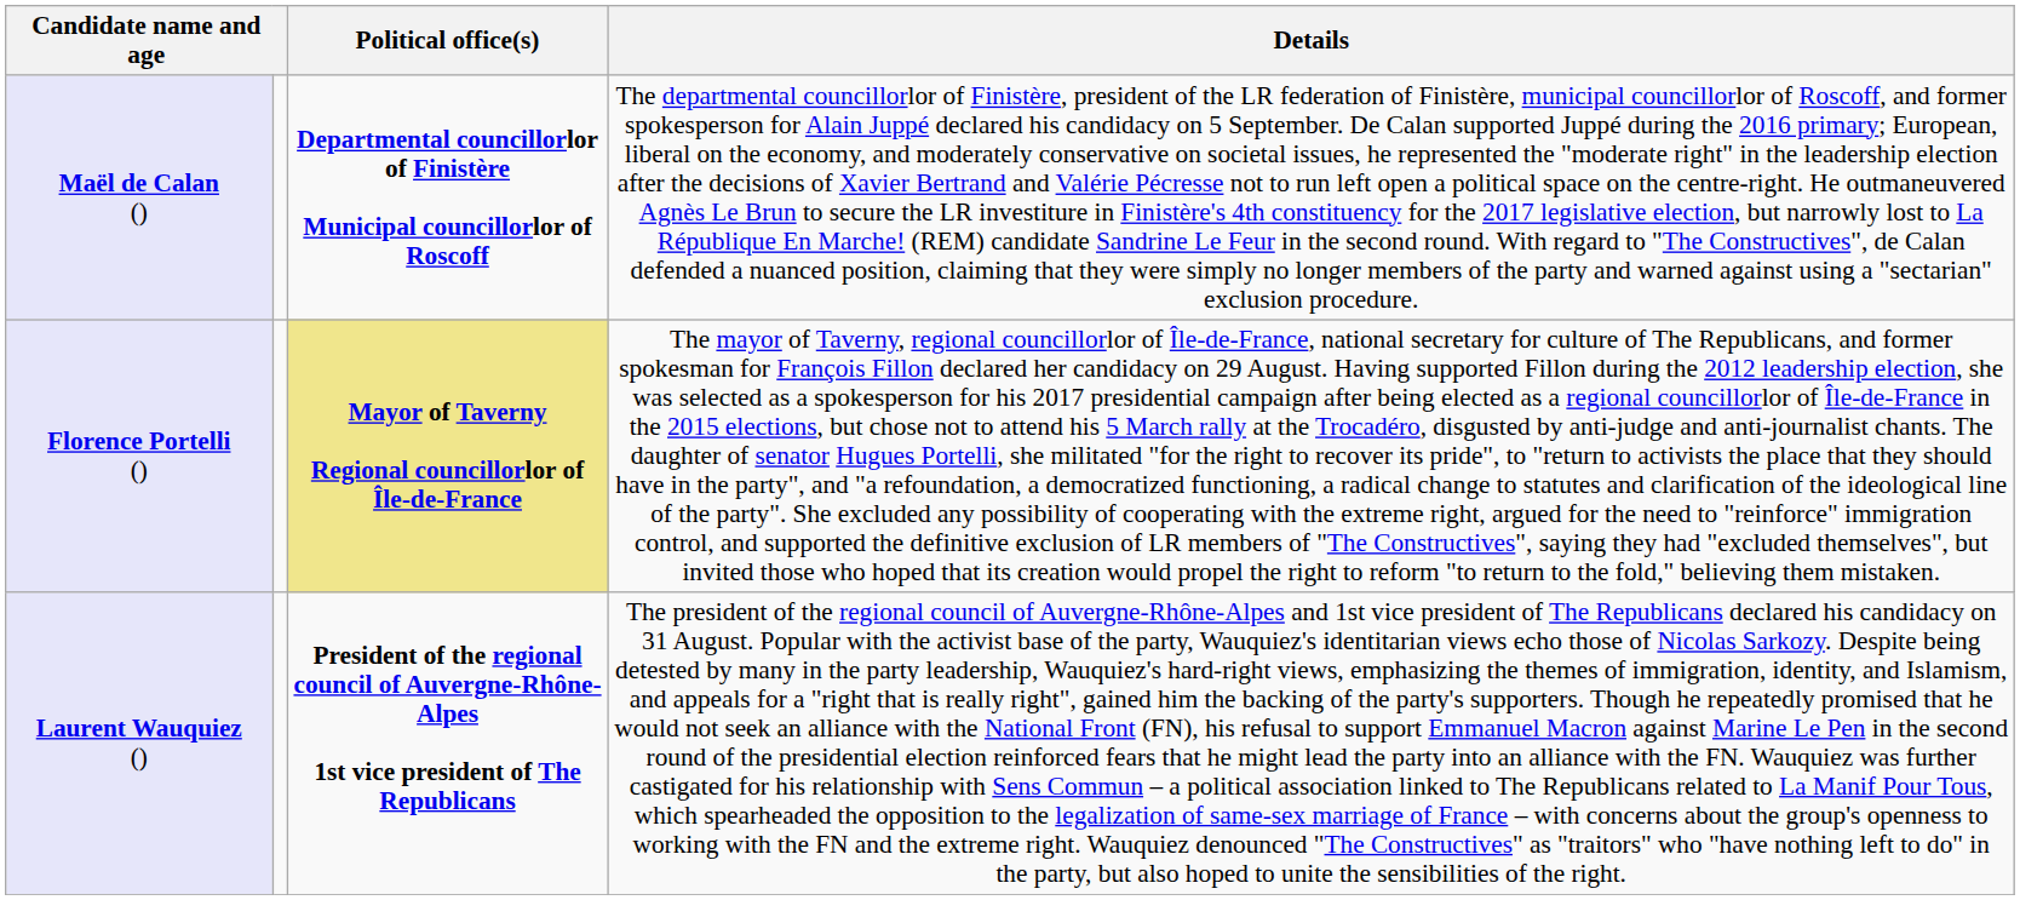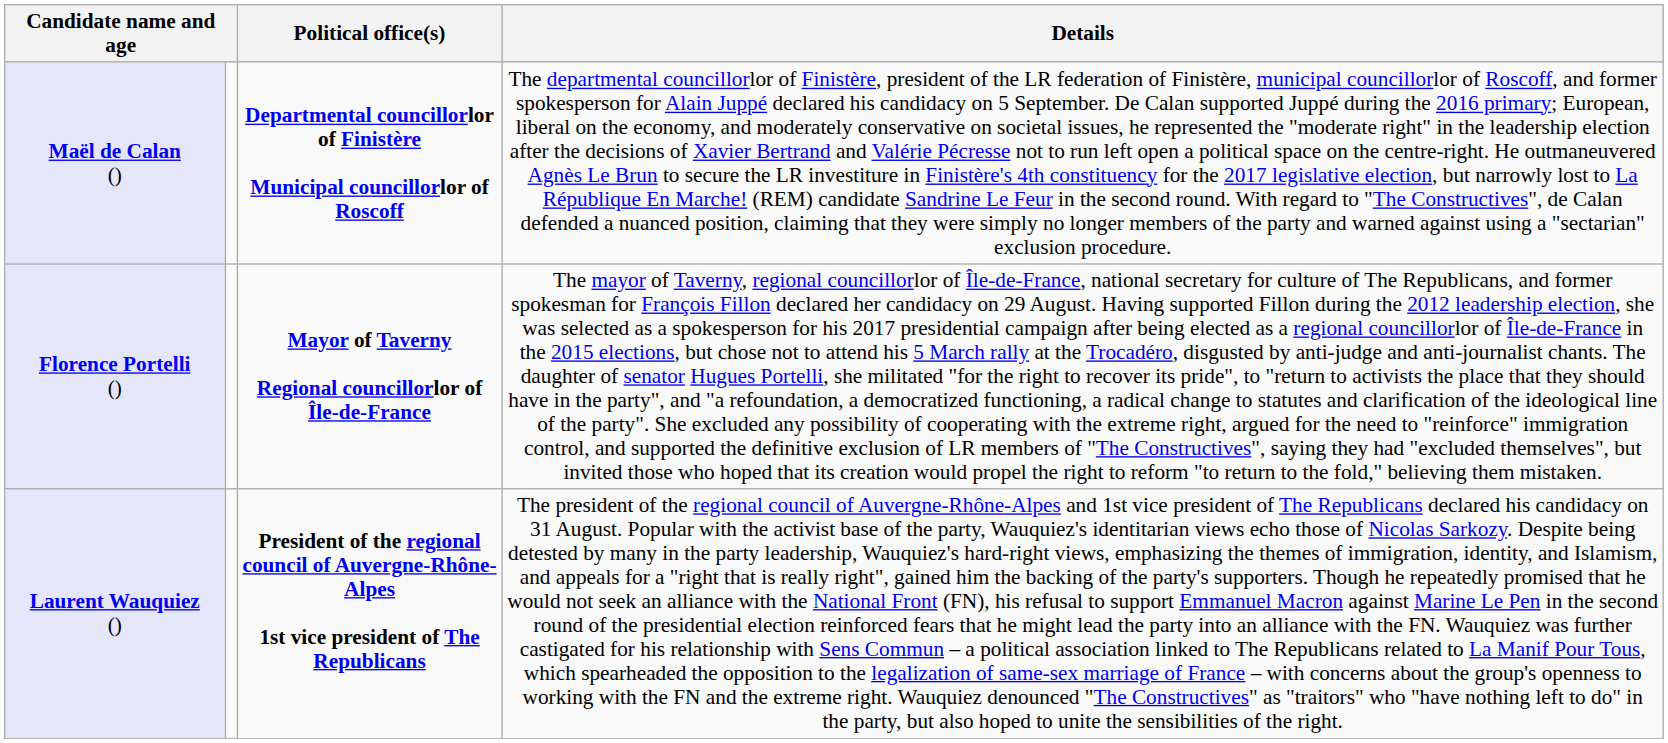 <table class="wikitable" style="text-align:center;">
 <tr>
 <th colspan="2" style="width:14%;">Candidate name and age</th>
 <th>Political office(s)</th>
 <th style="width:70%;">Details</th>
 </tr>
 <tr>
 <td style="background:lavender;"><strong><a href='#'>Maël de Calan</a></strong><br>()</td>
 <td></td>
 <td><strong><a href='#'>Departmental councillor</a>lor of <a href='#'>Finistère</a></strong><br><br><strong><a href='#'>Municipal councillor</a>lor of <a href='#'>Roscoff</a></strong><br></td>
 <td>The <a href='#'>departmental councillor</a>lor of <a href='#'>Finistère</a>, president of the LR federation of Finistère, <a href='#'>municipal councillor</a>lor of <a href='#'>Roscoff</a>, and former spokesperson for <a href='#'>Alain Juppé</a> declared his candidacy on 5 September. De Calan supported Juppé during the <a href='#'>2016 primary</a>; European, liberal on the economy, and moderately conservative on societal issues, he represented the "moderate right" in the leadership election after the decisions of <a href='#'>Xavier Bertrand</a> and <a href='#'>Valérie Pécresse</a> not to run left open a political space on the centre-right. He outmaneuvered <a href='#'>Agnès Le Brun</a> to secure the LR investiture in <a href='#'>Finistère's 4th constituency</a> for the <a href='#'>2017 legislative election</a>, but narrowly lost to <a href='#'>La République En Marche!</a> (REM) candidate <a href='#'>Sandrine Le Feur</a> in the second round. With regard to "<a href='#'>The Constructives</a>", de Calan defended a nuanced position, claiming that they were simply no longer members of the party and warned against using a "sectarian" exclusion procedure.</td>
 </tr>
 <tr>
 <td style="background:lavender;"><strong><a href='#'>Florence Portelli</a></strong><br>()</td>
 <td></td>
-<td style="background: khaki;"><strong><a href='#'>Mayor</a> of <a href='#'>Taverny</a></strong><br><br><strong><a href='#'>Regional councillor</a>lor of <a href='#'>Île-de-France</a></strong><br></td>
+<td><strong><a href='#'>Mayor</a> of <a href='#'>Taverny</a></strong><br><br><strong><a href='#'>Regional councillor</a>lor of <a href='#'>Île-de-France</a></strong><br></td>
 <td>The <a href='#'>mayor</a> of <a href='#'>Taverny</a>, <a href='#'>regional councillor</a>lor of <a href='#'>Île-de-France</a>, national secretary for culture of The Republicans, and former spokesman for <a href='#'>François Fillon</a> declared her candidacy on 29 August. Having supported Fillon during the <a href='#'>2012 leadership election</a>, she was selected as a spokesperson for his 2017 presidential campaign after being elected as a <a href='#'>regional councillor</a>lor of <a href='#'>Île-de-France</a> in the <a href='#'>2015 elections</a>, but chose not to attend his <a href='#'>5 March rally</a> at the <a href='#'>Trocadéro</a>, disgusted by anti-judge and anti-journalist chants. The daughter of <a href='#'>senator</a> <a href='#'>Hugues Portelli</a>, she militated "for the right to recover its pride", to "return to activists the place that they should have in the party", and "a refoundation, a democratized functioning, a radical change to statutes and clarification of the ideological line of the party". She excluded any possibility of cooperating with the extreme right, argued for the need to "reinforce" immigration control, and supported the definitive exclusion of LR members of "<a href='#'>The Constructives</a>", saying they had "excluded themselves", but invited those who hoped that its creation would propel the right to reform "to return to the fold," believing them mistaken.</td>
 </tr>
 <tr>
 <td style="background:lavender;"><strong><a href='#'>Laurent Wauquiez</a></strong><br>()</td>
 <td></td>
 <td><strong>President of the <a href='#'>regional council of Auvergne-Rhône-Alpes</a></strong><br><br><strong>1st vice president of <a href='#'>The Republicans</a></strong><br><br></td>
 <td>The president of the <a href='#'>regional council of Auvergne-Rhône-Alpes</a> and 1st vice president of <a href='#'>The Republicans</a> declared his candidacy on 31 August. Popular with the activist base of the party, Wauquiez's identitarian views echo those of <a href='#'>Nicolas Sarkozy</a>. Despite being detested by many in the party leadership, Wauquiez's hard-right views, emphasizing the themes of immigration, identity, and Islamism, and appeals for a "right that is really right", gained him the backing of the party's supporters. Though he repeatedly promised that he would not seek an alliance with the <a href='#'>National Front</a> (FN), his refusal to support <a href='#'>Emmanuel Macron</a> against <a href='#'>Marine Le Pen</a> in the second round of the presidential election reinforced fears that he might lead the party into an alliance with the FN. Wauquiez was further castigated for his relationship with <a href='#'>Sens Commun</a> – a political association linked to The Republicans related to <a href='#'>La Manif Pour Tous</a>, which spearheaded the opposition to the <a href='#'>legalization of same-sex marriage of France</a> – with concerns about the group's openness to working with the FN and the extreme right. Wauquiez denounced "<a href='#'>The Constructives</a>" as "traitors" who "have nothing left to do" in the party, but also hoped to unite the sensibilities of the right.</td>
 </tr>
 </table>
